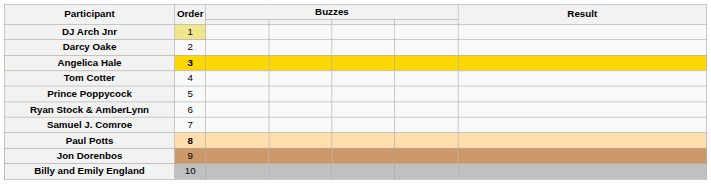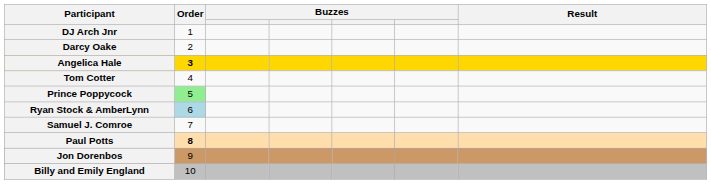 <table class="wikitable plainrowheaders sortable" style="text-align:center;">
 <tr>
 <th scope="col" rowspan="2" class="unsortable" style="width:17em;">Participant</th>
 <th scope="col" rowspan="2" style="width:1em;">Order</th>
 <th scope="col" colspan="4" class="unsortable" style="width:24em;">Buzzes</th>
 <th scope="col" rowspan="2" style="width:25em;">Result</th>
 </tr>
 <tr>
 <th scope="col" class="unsortable" style="width:6em;"></th>
 <th scope="col" class="unsortable" style="width:6em;"></th>
 <th scope="col" class="unsortable" style="width:6em;"></th>
 <th scope="col" class="unsortable" style="width:6em;"></th>
 </tr>
 <tr>
 <th scope="row">DJ Arch Jnr</th>
-<td style="background: khaki;">1</td>
+<td>1</td>
 <td style="text-align:center;"></td>
 <td style="text-align:center;"></td>
 <td style="text-align:center;"></td>
 <td style="text-align:center;"></td>
 <td></td>
 </tr>
 <tr>
 <th scope="row">Darcy Oake</th>
 <td>2</td>
 <td style="text-align:center;"></td>
 <td style="text-align:center;"></td>
 <td style="text-align:center;"></td>
 <td style="text-align:center;"></td>
 <td></td>
 </tr>
 <tr bgcolor=gold>
 <th scope="row"><strong>Angelica Hale</strong></th>
 <td><strong>3</strong></td>
 <td style="text-align:center;"></td>
 <td style="text-align:center;"></td>
 <td style="text-align:center;"></td>
 <td style="text-align:center;"></td>
 <td><strong></strong></td>
 </tr>
 <tr>
 <th scope="row">Tom Cotter</th>
 <td>4</td>
 <td style="text-align:center;"></td>
 <td style="text-align:center;"></td>
 <td style="text-align:center;"></td>
 <td style="text-align:center;"></td>
 <td></td>
 </tr>
 <tr>
 <th scope="row">Prince Poppycock</th>
-<td>5</td>
+<td style="background: lightgreen;">5</td>
 <td style="text-align:center;"></td>
 <td style="text-align:center;"></td>
 <td style="text-align:center;"></td>
 <td style="text-align:center;"></td>
 <td></td>
 </tr>
 <tr>
 <th scope="row">Ryan Stock & AmberLynn</th>
-<td>6</td>
+<td style="background: lightblue;">6</td>
 <td style="text-align:center;"></td>
 <td style="text-align:center;"></td>
 <td style="text-align:center;"></td>
 <td style="text-align:center;"></td>
 <td></td>
 </tr>
 <tr>
 <th scope="row">Samuel J. Comroe</th>
 <td>7</td>
 <td style="text-align:center;"></td>
 <td style="text-align:center;"></td>
 <td style="text-align:center;"></td>
 <td style="text-align:center;"></td>
 <td></td>
 </tr>
 <tr bgcolor=NavajoWhite>
 <th scope="row"><strong>Paul Potts</strong></th>
 <td><strong>8</strong></td>
 <td style="text-align:center;"></td>
 <td style="text-align:center;"></td>
 <td style="text-align:center;"></td>
 <td style="text-align:center;"></td>
 <td><strong></strong></td>
 </tr>
 <tr bgcolor=#c96>
 <th scope="row">Jon Dorenbos </th>
 <td>9</td>
 <td style="text-align:center;"></td>
 <td style="text-align:center;"></td>
 <td style="text-align:center;"></td>
 <td style="text-align:center;"></td>
 <td></td>
 </tr>
 <tr bgcolor=silver>
 <th scope="row">Billy and Emily England</th>
 <td>10</td>
 <td style="text-align:center;"></td>
 <td style="text-align:center;"></td>
 <td style="text-align:center;"></td>
 <td style="text-align:center;"></td>
 <td></td>
 </tr>
 </table>
